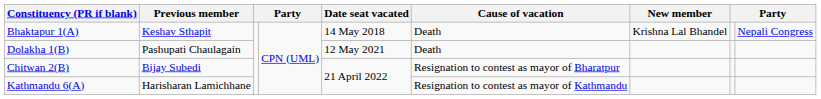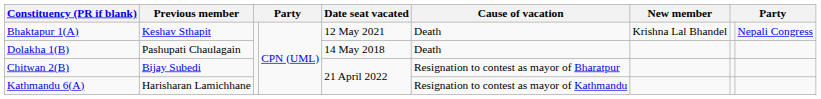 <table class="wikitable">
 <tr>
 <th><a href='#'>Constituency (PR if blank)</a></th>
 <th>Previous member</th>
 <th colspan="2">Party</th>
 <th>Date seat vacated</th>
 <th>Cause of vacation</th>
 <th>New member</th>
 <th colspan="2">Party</th>
 </tr>
 <tr>
 <td><a href='#'>Bhaktapur 1(A)</a></td>
 <td><a href='#'>Keshav Sthapit</a></td>
 <td rowspan="4"></td>
 <td rowspan="4"><a href='#'>CPN (UML)</a></td>
-<td>14 May 2018</td>
+<td>12 May 2021</td>
 <td>Death</td>
 <td>Krishna Lal Bhandel</td>
 <td></td>
 <td><a href='#'>Nepali Congress</a></td>
 </tr>
 <tr>
 <td><a href='#'>Dolakha 1(B)</a></td>
 <td>Pashupati Chaulagain</td>
-<td>12 May 2021</td>
+<td>14 May 2018</td>
 <td>Death</td>
 <td></td>
 <td></td>
 <td></td>
 </tr>
 <tr>
 <td><a href='#'>Chitwan 2(B)</a></td>
 <td><a href='#'>Bijay Subedi</a></td>
 <td rowspan="2">21 April 2022</td>
 <td>Resignation to contest as mayor of <a href='#'>Bharatpur</a></td>
 <td></td>
 <td></td>
 <td></td>
 </tr>
 <tr>
 <td><a href='#'>Kathmandu 6(A)</a></td>
 <td>Harisharan Lamichhane</td>
 <td>Resignation to contest as mayor of <a href='#'>Kathmandu</a></td>
 <td></td>
 <td></td>
 <td></td>
 </tr>
 </table>
